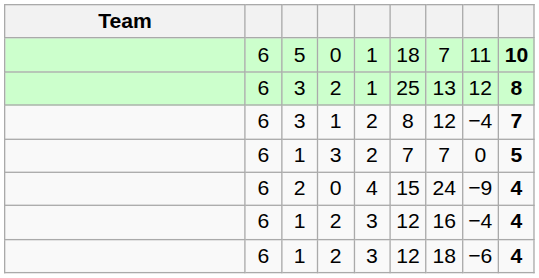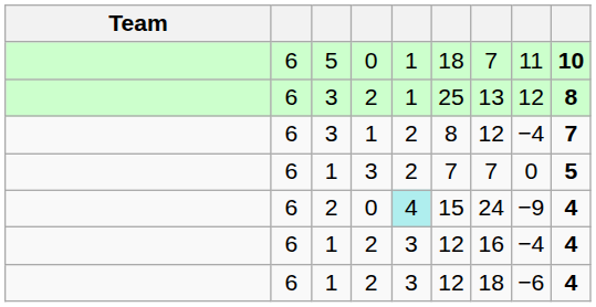 <table class=wikitable style="text-align:center">
 <tr>
 <th width=175>Team</th>
 <th width=20></th>
 <th width=20></th>
 <th width=20></th>
 <th width=20></th>
 <th width=20></th>
 <th width=20></th>
 <th width=20></th>
 <th width=20></th>
 </tr>
 <tr bgcolor="ccffcc">
 <td align=left></td>
 <td>6</td>
 <td>5</td>
 <td>0</td>
 <td>1</td>
 <td>18</td>
 <td>7</td>
 <td>11</td>
 <td><strong>10</strong></td>
 </tr>
 <tr bgcolor="ccffcc">
 <td align=left></td>
 <td>6</td>
 <td>3</td>
 <td>2</td>
 <td>1</td>
 <td>25</td>
 <td>13</td>
 <td>12</td>
 <td><strong>8</strong></td>
 </tr>
 <tr>
 <td align=left></td>
 <td>6</td>
 <td>3</td>
 <td>1</td>
 <td>2</td>
 <td>8</td>
 <td>12</td>
 <td>−4</td>
 <td><strong>7</strong></td>
 </tr>
 <tr>
 <td align=left></td>
 <td>6</td>
 <td>1</td>
 <td>3</td>
 <td>2</td>
 <td>7</td>
 <td>7</td>
 <td>0</td>
 <td><strong>5</strong></td>
 </tr>
 <tr>
 <td align=left></td>
 <td>6</td>
 <td>2</td>
 <td>0</td>
-<td>4</td>
+<td style="background: paleturquoise;">4</td>
 <td>15</td>
 <td>24</td>
 <td>−9</td>
 <td><strong>4</strong></td>
 </tr>
 <tr>
 <td align=left></td>
 <td>6</td>
 <td>1</td>
 <td>2</td>
 <td>3</td>
 <td>12</td>
 <td>16</td>
 <td>−4</td>
 <td><strong>4</strong></td>
 </tr>
 <tr>
 <td align=left></td>
 <td>6</td>
 <td>1</td>
 <td>2</td>
 <td>3</td>
 <td>12</td>
 <td>18</td>
 <td>−6</td>
 <td><strong>4</strong></td>
 </tr>
 </table>
